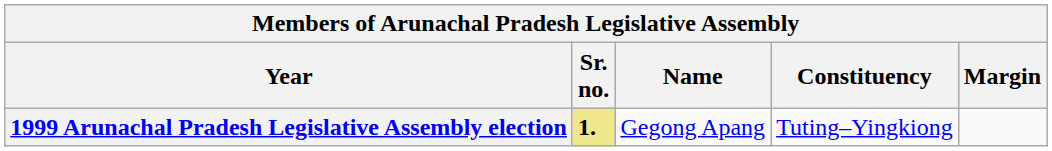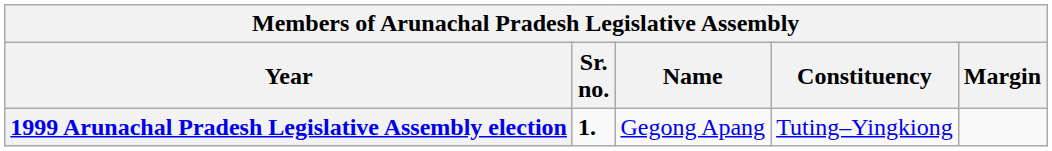 <table class="wikitable sortable">
 <tr>
 <th colspan="5">Members of Arunachal Pradesh Legislative Assembly</th>
 </tr>
 <tr>
 <th>Year</th>
 <th>Sr.<br>no.</th>
 <th>Name</th>
 <th>Constituency</th>
 <th>Margin</th>
 </tr>
 <tr>
 <th><a href='#'>1999 Arunachal Pradesh Legislative Assembly election</a></th>
-<td style="background: khaki;"><strong>1.</strong></td>
+<td><strong>1.</strong></td>
 <td><a href='#'>Gegong Apang</a></td>
 <td><a href='#'>Tuting–Yingkiong</a></td>
 <td></td>
 </tr>
 </table>
